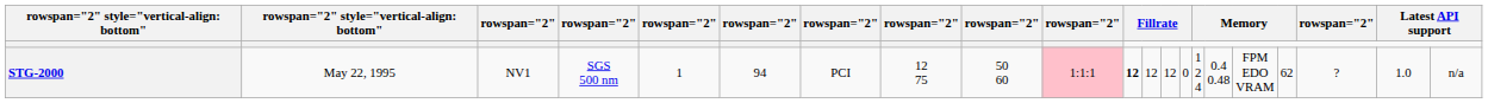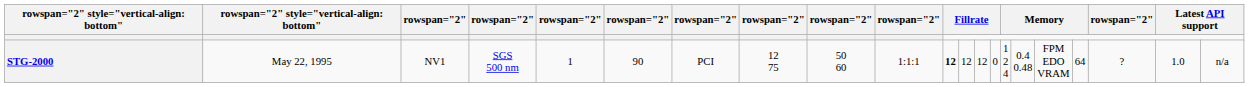 <table class="mw-datatable wikitable sortable" style="font-size:85%; text-align:center;">
 <tr>
 <th>rowspan="2" style="vertical-align: bottom" </th>
 <th>rowspan="2" style="vertical-align: bottom" </th>
 <th>rowspan="2" </th>
 <th>rowspan="2" </th>
 <th>rowspan="2" </th>
 <th>rowspan="2" </th>
 <th>rowspan="2" </th>
 <th>rowspan="2" </th>
 <th>rowspan="2" </th>
 <th>rowspan="2" </th>
 <th colspan="4"><a href='#'>Fillrate</a></th>
 <th colspan="4">Memory</th>
 <th>rowspan="2" </th>
 <th colspan="2">Latest <a href='#'>API</a> support</th>
 </tr>
 <tr>
 <th></th>
 <th></th>
 <th></th>
 <th></th>
 <th></th>
 <th></th>
 <th></th>
 <th></th>
 <th></th>
 <th></th>
 </tr>
 <tr>
 <th style="text-align:left"><a href='#'>STG-2000</a></th>
 <td>May 22, 1995</td>
 <td>NV1</td>
 <td><a href='#'>SGS</a><br><a href='#'>500 nm</a></td>
 <td>1</td>
-<td>94</td>
+<td>90</td>
 <td>PCI</td>
 <td>12<br>75</td>
 <td>50<br>60</td>
-<td rowspan="1" style="background: pink;">1:1:1</td>
+<td rowspan="1">1:1:1</td>
 <td><strong>12</strong></td>
 <td>12</td>
 <td>12</td>
 <td rowspan="1">0</td>
 <td>1<br>2<br>4</td>
 <td>0.4<br>0.48</td>
 <td>FPM<br>EDO<br>VRAM</td>
-<td>62</td>
+<td>64</td>
 <td>?</td>
 <td>1.0</td>
 <td>n/a</td>
 </tr>
 </table>
